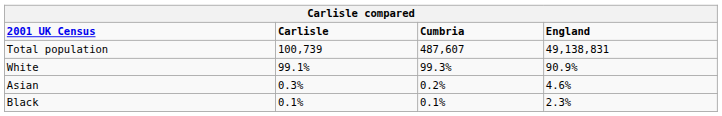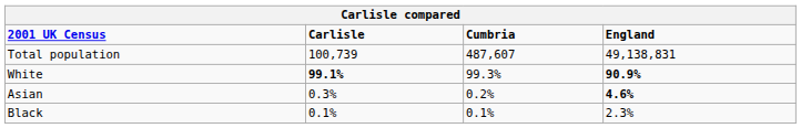 <table class="wikitable" id="toc" style="float: right; margin-left: 1em; width: 40%; font-size: 90%;" cellspacing="5">
 <tr>
 <th colspan="4"><strong>Carlisle compared</strong></th>
 </tr>
 <tr>
 <td><strong><a href='#'>2001 UK Census</a></strong></td>
 <td><strong>Carlisle</strong></td>
 <td><strong>Cumbria</strong></td>
 <td><strong>England</strong></td>
 </tr>
 <tr>
 <td>Total population</td>
 <td>100,739</td>
 <td>487,607</td>
 <td>49,138,831</td>
 </tr>
 <tr>
 <td>White</td>
-<td>99.1%</td>
+<td><strong>99.1%</strong></td>
 <td>99.3%</td>
-<td>90.9%</td>
+<td><strong>90.9%</strong></td>
 </tr>
 <tr>
 <td>Asian</td>
 <td>0.3%</td>
 <td>0.2%</td>
-<td>4.6%</td>
+<td><strong>4.6%</strong></td>
 </tr>
 <tr>
 <td>Black</td>
 <td>0.1%</td>
 <td>0.1%</td>
 <td>2.3%</td>
 </tr>
 </table>
